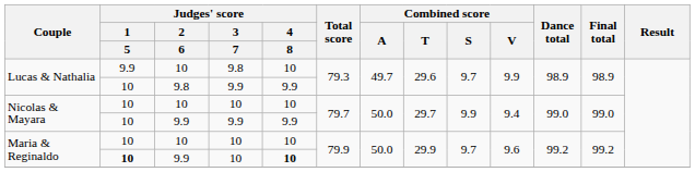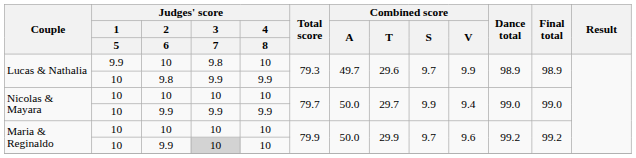 <table class="wikitable" style="font-size:100%; line-height:16px; text-align:center" width="100%">
 <tr>
 <th rowspan=3 style="width:11.0%;">Couple</th>
 <th colspan=4 style="width:25.0%;">Judges' score</th>
 <th rowspan=3 style="width:05.0%;">Total score</th>
 <th colspan=4 style="width:20.0%;">Combined score</th>
 <th rowspan=3 style="width:05.0%;">Dance total</th>
 <th rowspan=3 style="width:05.0%;">Final total</th>
 <th rowspan=3 style="width:07.5%;">Result</th>
 </tr>
 <tr>
 <th>1</th>
 <th>2</th>
 <th>3</th>
 <th>4</th>
 <th rowspan=2 style="width:05.0%;">A</th>
 <th rowspan=2 style="width:05.0%;">T</th>
 <th rowspan=2 style="width:05.0%;">S</th>
 <th rowspan=2 style="width:05.0%;">V</th>
 </tr>
 <tr>
 <th>5</th>
 <th>6</th>
 <th>7</th>
 <th>8</th>
 </tr>
 <tr>
 <td align="left" rowspan=2>Lucas & Nathalia</td>
 <td>9.9</td>
 <td>10</td>
 <td>9.8</td>
 <td>10</td>
 <td rowspan=2>79.3</td>
 <td rowspan=2>49.7</td>
 <td rowspan=2>29.6</td>
 <td rowspan=2>9.7</td>
 <td rowspan=2>9.9</td>
 <td rowspan=2>98.9</td>
 <td rowspan=2>98.9</td>
 <td rowspan=6></td>
 </tr>
 <tr>
 <td>10</td>
 <td>9.8</td>
 <td>9.9</td>
 <td>9.9</td>
 </tr>
 <tr>
 <td align="left" rowspan=2>Nicolas & Mayara</td>
 <td>10</td>
 <td>10</td>
 <td>10</td>
 <td>10</td>
 <td rowspan=2>79.7</td>
 <td rowspan=2>50.0</td>
 <td rowspan=2>29.7</td>
 <td rowspan=2>9.9</td>
 <td rowspan=2>9.4</td>
 <td rowspan=2>99.0</td>
 <td rowspan=2>99.0</td>
 </tr>
 <tr>
 <td>10</td>
 <td>9.9</td>
 <td>9.9</td>
 <td>9.9</td>
 </tr>
 <tr>
 <td align="left" rowspan=2>Maria & Reginaldo</td>
 <td>10</td>
 <td>10</td>
 <td>10</td>
 <td>10</td>
 <td rowspan=2>79.9</td>
 <td rowspan=2>50.0</td>
 <td rowspan=2>29.9</td>
 <td rowspan=2>9.7</td>
 <td rowspan=2>9.6</td>
 <td rowspan=2>99.2</td>
 <td rowspan=2>99.2</td>
 </tr>
 <tr>
-<td><strong>10</strong></td>
+<td>10</td>
 <td>9.9</td>
+<td style="background: lightgrey;">10</td>
 <td>10</td>
-<td><strong>10</strong></td>
 </tr>
 <tr>
 </tr>
 </table>
